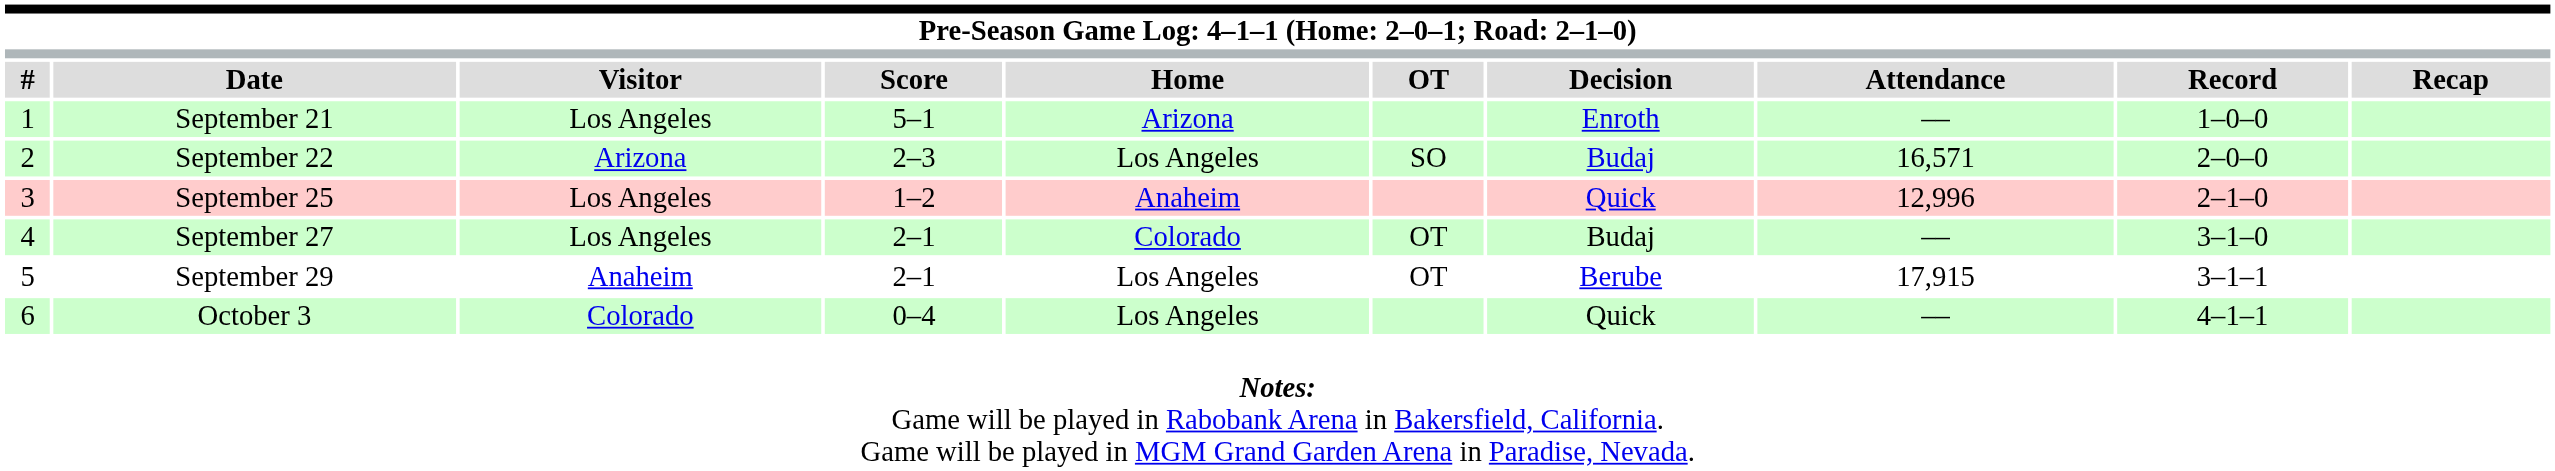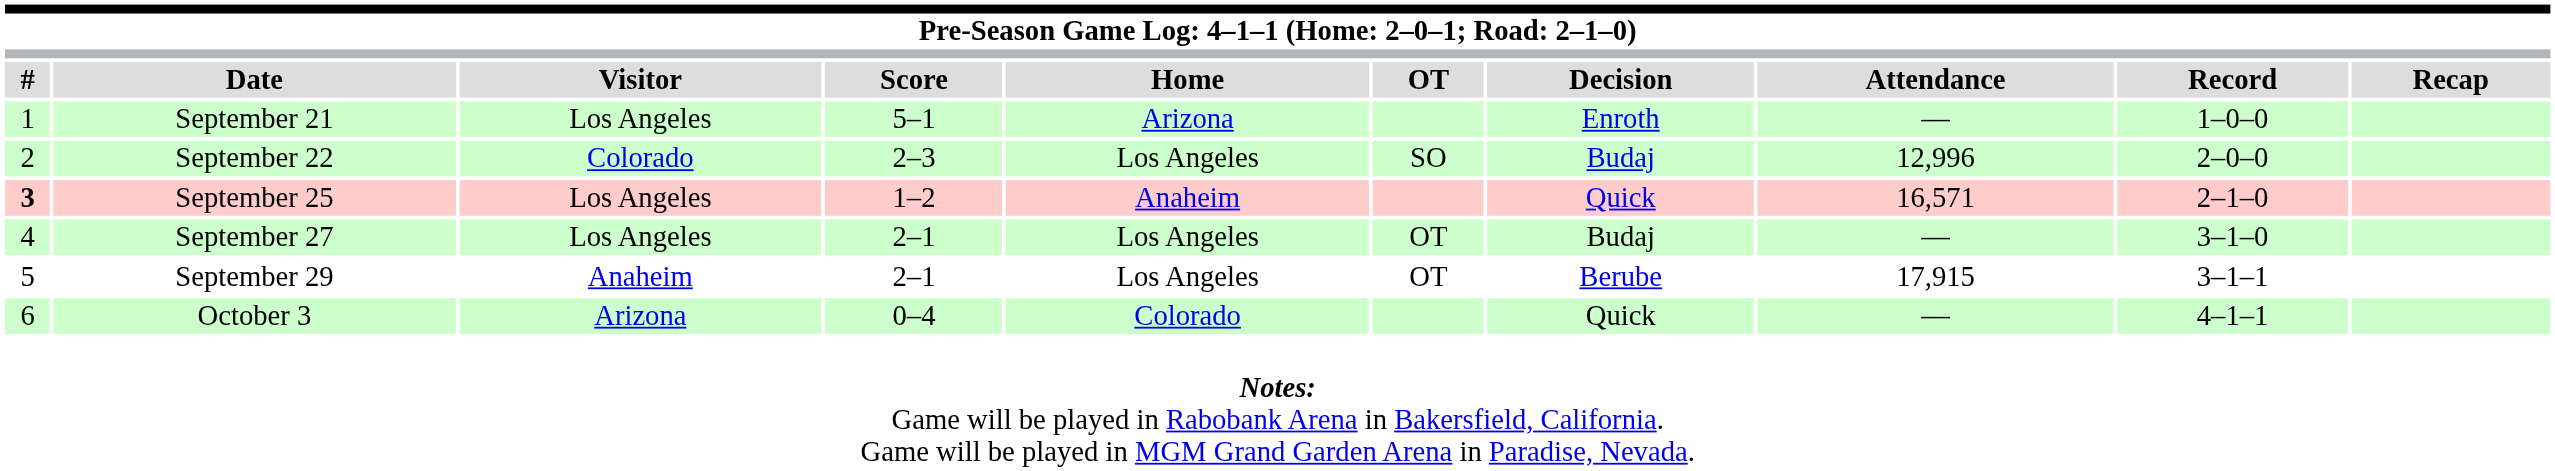 <table class="toccolours collapsible collapsed" style="width:90%; clear:both; margin:1.5em auto; text-align:center;">
 <tr>
 <th colspan=10 style="background:#fff; border-top:#000000 5px solid; border-bottom:#AFB7BA 5px solid;">Pre-Season Game Log: 4–1–1 (Home: 2–0–1; Road: 2–1–0)</th>
 </tr>
 <tr style="text-align:center; background:#ddd;">
 <th>#</th>
 <th>Date</th>
 <th>Visitor</th>
 <th>Score</th>
 <th>Home</th>
 <th>OT</th>
 <th>Decision</th>
 <th>Attendance</th>
 <th>Record</th>
 <th>Recap</th>
 </tr>
 <tr style="text-align:center; background:#cfc;">
 <td>1</td>
 <td>September 21</td>
 <td>Los Angeles</td>
 <td>5–1</td>
 <td><a href='#'>Arizona</a></td>
 <td></td>
 <td><a href='#'>Enroth</a></td>
 <td>––</td>
 <td>1–0–0</td>
 <td></td>
 </tr>
 <tr style="text-align:center; background:#cfc;">
 <td>2</td>
 <td>September 22</td>
-<td><a href='#'>Arizona</a></td>
+<td><a href='#'>Colorado</a></td>
 <td>2–3</td>
 <td>Los Angeles</td>
 <td>SO</td>
 <td><a href='#'>Budaj</a></td>
-<td>16,571</td>
+<td>12,996</td>
 <td>2–0–0</td>
 <td></td>
 </tr>
 <tr style="text-align:center; background:#fcc;">
-<td>3</td>
+<td><strong>3</strong></td>
 <td>September 25</td>
 <td>Los Angeles</td>
 <td>1–2</td>
 <td><a href='#'>Anaheim</a></td>
 <td></td>
 <td><a href='#'>Quick</a></td>
-<td>12,996</td>
+<td>16,571</td>
 <td>2–1–0</td>
 <td></td>
 </tr>
 <tr style="text-align:center; background:#cfc;">
 <td>4</td>
 <td>September 27</td>
 <td>Los Angeles</td>
 <td>2–1</td>
-<td><a href='#'>Colorado</a></td>
+<td>Los Angeles</td>
 <td>OT</td>
 <td>Budaj</td>
 <td>––</td>
 <td>3–1–0</td>
 <td></td>
 </tr>
 <tr style="text-align:center; background:#fff;">
 <td>5</td>
 <td>September 29</td>
 <td><a href='#'>Anaheim</a></td>
 <td>2–1</td>
 <td>Los Angeles</td>
 <td>OT</td>
 <td><a href='#'>Berube</a></td>
 <td>17,915</td>
 <td>3–1–1</td>
 <td></td>
 </tr>
 <tr style="text-align:center; background:#cfc;">
 <td>6</td>
 <td>October 3</td>
+<td><a href='#'>Arizona</a></td>
+<td>0–4</td>
 <td><a href='#'>Colorado</a></td>
-<td>0–4</td>
-<td>Los Angeles</td>
 <td></td>
 <td>Quick</td>
 <td>––</td>
 <td>4–1–1</td>
 <td></td>
 </tr>
 <tr>
 <td colspan="10" style="text-align:center;"><br><strong><em>Notes:</em></strong><br> Game will be played in <a href='#'>Rabobank Arena</a> in <a href='#'>Bakersfield, California</a>.<br> Game will be played in <a href='#'>MGM Grand Garden Arena</a> in <a href='#'>Paradise, Nevada</a>.</td>
 </tr>
 </table>
